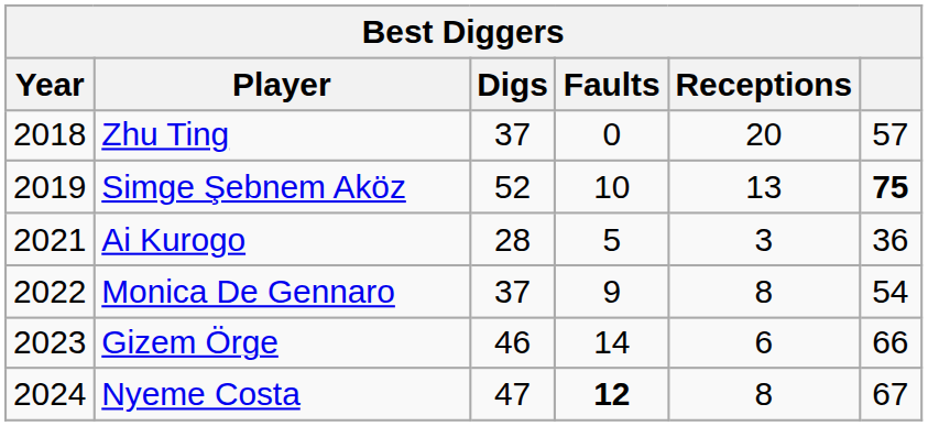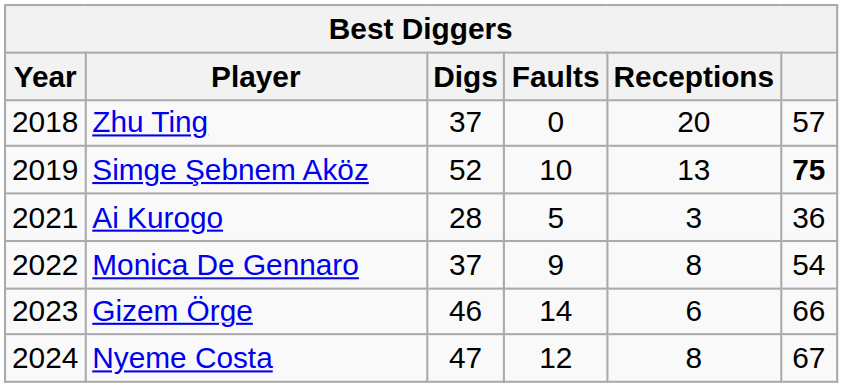 <table class="wikitable sortable" style=font-size:90%>
 <tr>
 <th colspan=7>Best Diggers</th>
 </tr>
 <tr>
 <th width=20>Year</th>
 <th width=158>Player</th>
 <th width=20>Digs</th>
 <th width=20>Faults</th>
 <th width=20>Receptions</th>
 <th width=20></th>
 </tr>
 <tr>
 <td>2018</td>
 <td> <a href='#'>Zhu Ting</a></td>
 <td align=center>37</td>
 <td align=center>0</td>
 <td align=center>20</td>
 <td align=center>57</td>
 </tr>
 <tr>
 <td>2019</td>
 <td> <a href='#'>Simge Şebnem Aköz</a></td>
 <td align=center>52</td>
 <td align=center>10</td>
 <td align=center>13</td>
 <td align=center><strong>75</strong></td>
 </tr>
 <tr>
 <td>2021</td>
 <td> <a href='#'>Ai Kurogo</a></td>
 <td align=center>28</td>
 <td align=center>5</td>
 <td align=center>3</td>
 <td align=center>36</td>
 </tr>
 <tr>
 <td>2022</td>
 <td> <a href='#'>Monica De Gennaro</a></td>
 <td align=center>37</td>
 <td align=center>9</td>
 <td align=center>8</td>
 <td align=center>54</td>
 </tr>
 <tr>
 <td>2023</td>
 <td> <a href='#'>Gizem Örge</a></td>
 <td align=center>46</td>
 <td align=center>14</td>
 <td align=center>6</td>
 <td align=center>66</td>
 </tr>
 <tr>
 <td>2024</td>
 <td> <a href='#'>Nyeme Costa</a></td>
 <td align=center>47</td>
-<td align=center><strong>12</strong></td>
+<td align=center>12</td>
 <td align=center>8</td>
 <td align=center>67</td>
 </tr>
 </table>
